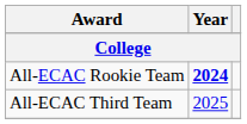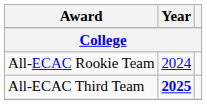 <table class="wikitable">
 <tr>
 <th>Award</th>
 <th>Year</th>
 <th></th>
 </tr>
 <tr ALIGN="center" bgcolor="#e0e0e0">
 </tr>
 <tr ALIGN="center" bgcolor="#e0e0e0">
 <th colspan="3"><a href='#'>College</a></th>
 </tr>
 <tr>
 <td>All-<a href='#'>ECAC</a> Rookie Team</td>
-<td><strong><a href='#'>2024</a></strong></td>
+<td><a href='#'>2024</a></td>
 <td></td>
 </tr>
 <tr>
 <td>All-ECAC Third Team</td>
-<td><a href='#'>2025</a></td>
+<td><strong><a href='#'>2025</a></strong></td>
 <td></td>
 </tr>
 <tr>
 </tr>
 </table>
